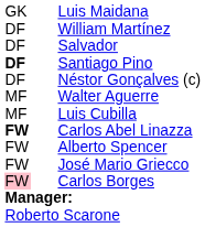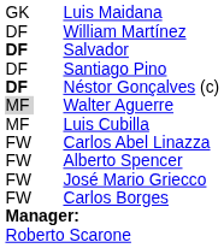 <table style="font-size:90%" cellspacing="0" cellpadding="0" align=center>
 <tr>
 <td colspan="4"></td>
 </tr>
 <tr>
 <th width=25></th>
 <th width=25></th>
 </tr>
 <tr>
 <td>GK</td>
 <td></td>
 <td> <a href='#'>Luis Maidana</a></td>
 </tr>
 <tr>
 <td>DF</td>
 <td></td>
 <td> <a href='#'>William Martínez</a></td>
 </tr>
 <tr>
-<td>DF</td>
+<td><strong>DF</strong></td>
 <td></td>
 <td> <a href='#'>Salvador</a></td>
 </tr>
 <tr>
-<td><strong>DF</strong></td>
+<td>DF</td>
 <td></td>
 <td> <a href='#'>Santiago Pino</a></td>
 </tr>
 <tr>
-<td>DF</td>
+<td><strong>DF</strong></td>
 <td></td>
 <td> <a href='#'>Néstor Gonçalves</a> (c)</td>
 </tr>
 <tr>
-<td>MF</td>
+<td style="background: lightgrey;">MF</td>
 <td></td>
 <td> <a href='#'>Walter Aguerre</a></td>
 </tr>
 <tr>
 <td>MF</td>
 <td></td>
 <td> <a href='#'>Luis Cubilla</a></td>
 </tr>
 <tr>
-<td><strong>FW</strong></td>
+<td>FW</td>
 <td></td>
 <td> <a href='#'>Carlos Abel Linazza</a></td>
 </tr>
 <tr>
 <td>FW</td>
 <td></td>
 <td> <a href='#'>Alberto Spencer</a></td>
 </tr>
 <tr>
 <td>FW</td>
 <td></td>
 <td> <a href='#'>José Mario Griecco</a></td>
 </tr>
 <tr>
-<td style="background: pink;">FW</td>
+<td>FW</td>
 <td></td>
 <td> <a href='#'>Carlos Borges</a></td>
 </tr>
 <tr>
 <td colspan=3><strong>Manager:</strong></td>
 </tr>
 <tr>
 <td colspan=4> <a href='#'>Roberto Scarone</a></td>
 </tr>
 </table>
